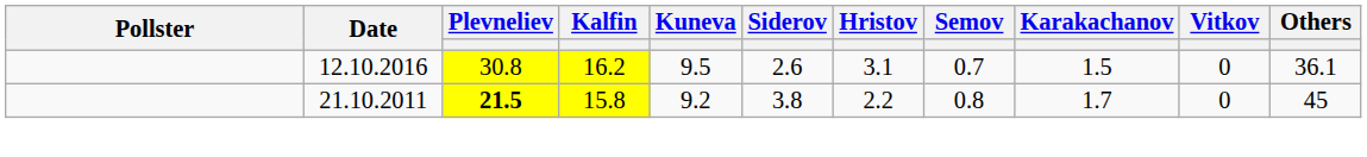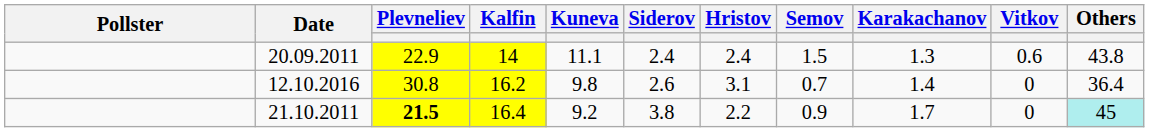 <table class="wikitable" style="text-align:center;font-size:95%;line-height:14px;">
 <tr>
 <th rowspan=2 width=180px>Pollster</th>
 <th rowspan=2 width=80px>Date</th>
 <th width=50px><a href='#'>Plevneliev</a></th>
 <th width=50px><a href='#'>Kalfin</a></th>
 <th width=50px><a href='#'>Kuneva</a></th>
 <th width=50px><a href='#'>Siderov</a></th>
 <th width=50px><a href='#'>Hristov</a></th>
 <th width=50px><a href='#'>Semov</a></th>
 <th width=50px><a href='#'>Karakachanov</a></th>
 <th width=50px><a href='#'>Vitkov</a></th>
 <th width=50px>Others</th>
 </tr>
 <tr>
 <th style="background:"></th>
 <th style="background:"></th>
 <th style="background:"></th>
 <th style="background:"></th>
 <th style="background:"></th>
 <th style="background:"></th>
 <th style="background:"></th>
 <th style="background:"></th>
 <th style="background:;"></th>
 </tr>
 <tr>
 <td></td>
+<td>20.09.2011</td>
+<td bgcolor=#FFFF00>22.9</td>
+<td bgcolor=#FFFF00>14</td>
+<td>11.1</td>
+<td>2.4</td>
+<td>2.4</td>
+<td>1.5</td>
+<td>1.3</td>
+<td>0.6</td>
+<td>43.8</td>
+</tr>
+<tr>
+<td></td>
 <td>12.10.2016</td>
 <td bgcolor=#FFFF00>30.8</td>
 <td bgcolor=#FFFF00>16.2</td>
-<td>9.5</td>
+<td>9.8</td>
 <td>2.6</td>
 <td>3.1</td>
 <td>0.7</td>
-<td>1.5</td>
+<td>1.4</td>
 <td>0</td>
-<td>36.1</td>
+<td>36.4</td>
 </tr>
 <tr>
 <td></td>
 <td>21.10.2011</td>
 <td bgcolor=#FFFF00><strong>21.5</strong></td>
-<td bgcolor=#FFFF00>15.8</td>
+<td bgcolor=#FFFF00>16.4</td>
 <td>9.2</td>
 <td>3.8</td>
 <td>2.2</td>
-<td>0.8</td>
+<td>0.9</td>
 <td>1.7</td>
 <td>0</td>
-<td>45</td>
+<td style="background: paleturquoise;">45</td>
 </tr>
 </table>
